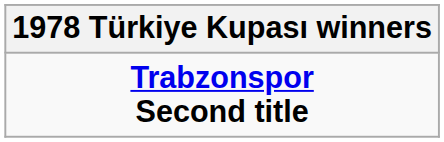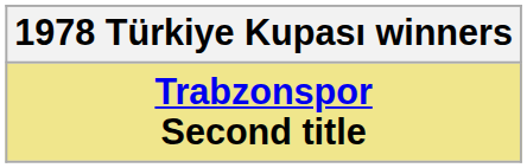 <table class="wikitable" style="text-align: center; margin: 0 auto;">
 <tr>
 <th>1978 Türkiye Kupası winners</th>
 </tr>
 <tr>
-<td><strong><a href='#'>Trabzonspor</a></strong><br><strong>Second title</strong></td>
+<td style="background: khaki;"><strong><a href='#'>Trabzonspor</a></strong><br><strong>Second title</strong></td>
 </tr>
 </table>
